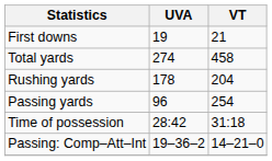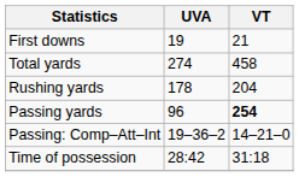 <table class="wikitable" style="float: left;">
 <tr>
 <th>Statistics</th>
 <th>UVA</th>
 <th>VT</th>
 </tr>
 <tr>
 <td>First downs</td>
 <td>19</td>
 <td>21</td>
 </tr>
 <tr>
 <td>Total yards</td>
 <td>274</td>
 <td>458</td>
 </tr>
 <tr>
 <td>Rushing yards</td>
 <td>178</td>
 <td>204</td>
 </tr>
 <tr>
 <td>Passing yards</td>
 <td>96</td>
-<td>254</td>
+<td><strong>254</strong></td>
+</tr>
+<tr>
+<td>Passing: Comp–Att–Int</td>
+<td>19–36–2</td>
+<td>14–21–0</td>
 </tr>
 <tr>
 <td>Time of possession</td>
 <td>28:42</td>
 <td>31:18</td>
 </tr>
 <tr>
-<td>Passing: Comp–Att–Int</td>
-<td>19–36–2</td>
-<td>14–21–0</td>
-</tr>
-<tr>
 </tr>
 </table>
